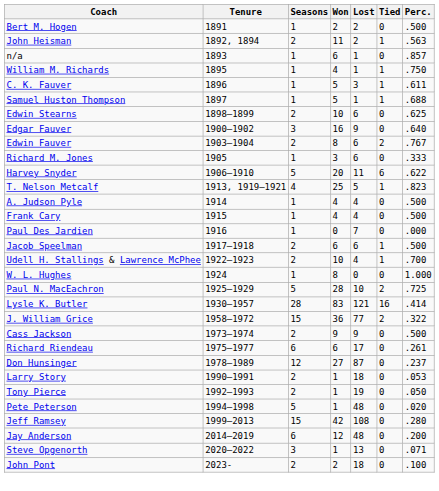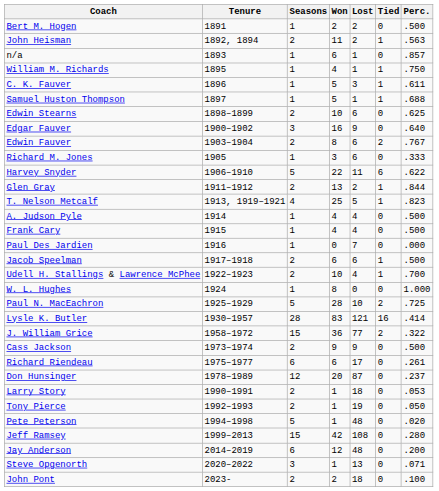 <table class="wikitable"; style= "text-align: ">
 <tr>
 <th width=px>Coach</th>
 <th width=px>Tenure</th>
 <th width=px>Seasons</th>
 <th width=px>Won</th>
 <th width=px>Lost</th>
 <th width=px>Tied</th>
 <th width=px>Perc.</th>
 </tr>
 <tr>
 <td><a href='#'>Bert M. Hogen</a></td>
 <td>1891</td>
 <td>1</td>
 <td>2</td>
 <td>2</td>
 <td>0</td>
 <td>.500</td>
 </tr>
 <tr>
 <td><a href='#'>John Heisman</a></td>
 <td>1892, 1894</td>
 <td>2</td>
 <td>11</td>
 <td>2</td>
 <td>1</td>
 <td>.563</td>
 </tr>
 <tr>
 <td>n/a</td>
 <td>1893</td>
 <td>1</td>
 <td>6</td>
 <td>1</td>
 <td>0</td>
 <td>.857</td>
 </tr>
 <tr>
 <td><a href='#'>William M. Richards</a></td>
 <td>1895</td>
 <td>1</td>
 <td>4</td>
 <td>1</td>
 <td>1</td>
 <td>.750</td>
 </tr>
 <tr>
 <td><a href='#'>C. K. Fauver</a></td>
 <td>1896</td>
 <td>1</td>
 <td>5</td>
 <td>3</td>
 <td>1</td>
 <td>.611</td>
 </tr>
 <tr>
 <td><a href='#'>Samuel Huston Thompson</a></td>
 <td>1897</td>
 <td>1</td>
 <td>5</td>
 <td>1</td>
 <td>1</td>
 <td>.688</td>
 </tr>
 <tr>
 <td><a href='#'>Edwin Stearns</a></td>
 <td>1898–1899</td>
 <td>2</td>
 <td>10</td>
 <td>6</td>
 <td>0</td>
 <td>.625</td>
 </tr>
 <tr>
 <td><a href='#'>Edgar Fauver</a></td>
 <td>1900–1902</td>
 <td>3</td>
 <td>16</td>
 <td>9</td>
 <td>0</td>
 <td>.640</td>
 </tr>
 <tr>
 <td><a href='#'>Edwin Fauver</a></td>
 <td>1903–1904</td>
 <td>2</td>
 <td>8</td>
 <td>6</td>
 <td>2</td>
 <td>.767</td>
 </tr>
 <tr>
 <td><a href='#'>Richard M. Jones</a></td>
 <td>1905</td>
 <td>1</td>
 <td>3</td>
 <td>6</td>
 <td>0</td>
 <td>.333</td>
 </tr>
 <tr>
 <td><a href='#'>Harvey Snyder</a></td>
 <td>1906–1910</td>
 <td>5</td>
-<td>20</td>
+<td>22</td>
 <td>11</td>
 <td>6</td>
 <td>.622</td>
+</tr>
+<tr>
+<td><a href='#'>Glen Gray</a></td>
+<td>1911–1912</td>
+<td>2</td>
+<td>13</td>
+<td>2</td>
+<td>1</td>
+<td>.844</td>
 </tr>
 <tr>
 <td><a href='#'>T. Nelson Metcalf</a></td>
 <td>1913, 1919–1921</td>
 <td>4</td>
 <td>25</td>
 <td>5</td>
 <td>1</td>
 <td>.823</td>
 </tr>
 <tr>
 <td><a href='#'>A. Judson Pyle</a></td>
 <td>1914</td>
 <td>1</td>
 <td>4</td>
 <td>4</td>
 <td>0</td>
 <td>.500</td>
 </tr>
 <tr>
 <td><a href='#'>Frank Cary</a></td>
 <td>1915</td>
 <td>1</td>
 <td>4</td>
 <td>4</td>
 <td>0</td>
 <td>.500</td>
 </tr>
 <tr>
 <td><a href='#'>Paul Des Jardien</a></td>
 <td>1916</td>
 <td>1</td>
 <td>0</td>
 <td>7</td>
 <td>0</td>
 <td>.000</td>
 </tr>
 <tr>
 <td><a href='#'>Jacob Speelman</a></td>
 <td>1917–1918</td>
 <td>2</td>
 <td>6</td>
 <td>6</td>
 <td>1</td>
 <td>.500</td>
 </tr>
 <tr>
 <td><a href='#'>Udell H. Stallings</a> & <a href='#'>Lawrence McPhee</a></td>
 <td>1922–1923</td>
 <td>2</td>
 <td>10</td>
 <td>4</td>
 <td>1</td>
 <td>.700</td>
 </tr>
 <tr>
 <td><a href='#'>W. L. Hughes</a></td>
 <td>1924</td>
 <td>1</td>
 <td>8</td>
 <td>0</td>
 <td>0</td>
 <td>1.000</td>
 </tr>
 <tr>
 <td><a href='#'>Paul N. MacEachron</a></td>
 <td>1925–1929</td>
 <td>5</td>
 <td>28</td>
 <td>10</td>
 <td>2</td>
 <td>.725</td>
 </tr>
 <tr>
 <td><a href='#'>Lysle K. Butler</a></td>
 <td>1930–1957</td>
 <td>28</td>
 <td>83</td>
 <td>121</td>
 <td>16</td>
 <td>.414</td>
 </tr>
 <tr>
 <td><a href='#'>J. William Grice</a></td>
 <td>1958–1972</td>
 <td>15</td>
 <td>36</td>
 <td>77</td>
 <td>2</td>
 <td>.322</td>
 </tr>
 <tr>
 <td><a href='#'>Cass Jackson</a></td>
 <td>1973–1974</td>
 <td>2</td>
 <td>9</td>
 <td>9</td>
 <td>0</td>
 <td>.500</td>
 </tr>
 <tr>
 <td><a href='#'>Richard Riendeau</a></td>
 <td>1975–1977</td>
 <td>6</td>
 <td>6</td>
 <td>17</td>
 <td>0</td>
 <td>.261</td>
 </tr>
 <tr>
 <td><a href='#'>Don Hunsinger</a></td>
 <td>1978–1989</td>
 <td>12</td>
-<td>27</td>
+<td>20</td>
 <td>87</td>
 <td>0</td>
 <td>.237</td>
 </tr>
 <tr>
 <td><a href='#'>Larry Story</a></td>
 <td>1990–1991</td>
 <td>2</td>
 <td>1</td>
 <td>18</td>
 <td>0</td>
 <td>.053</td>
 </tr>
 <tr>
 <td><a href='#'>Tony Pierce</a></td>
 <td>1992–1993</td>
 <td>2</td>
 <td>1</td>
 <td>19</td>
 <td>0</td>
 <td>.050</td>
 </tr>
 <tr>
 <td><a href='#'>Pete Peterson</a></td>
 <td>1994–1998</td>
 <td>5</td>
 <td>1</td>
 <td>48</td>
 <td>0</td>
 <td>.020</td>
 </tr>
 <tr>
 <td><a href='#'>Jeff Ramsey</a></td>
 <td>1999–2013</td>
 <td>15</td>
 <td>42</td>
 <td>108</td>
 <td>0</td>
 <td>.280</td>
 </tr>
 <tr>
 <td><a href='#'>Jay Anderson</a></td>
 <td>2014–2019</td>
 <td>6</td>
 <td>12</td>
 <td>48</td>
 <td>0</td>
 <td>.200</td>
 </tr>
 <tr>
 <td><a href='#'>Steve Opgenorth</a></td>
 <td>2020–2022</td>
 <td>3</td>
 <td>1</td>
 <td>13</td>
 <td>0</td>
 <td>.071</td>
 </tr>
 <tr>
 <td><a href='#'>John Pont</a></td>
 <td>2023-</td>
 <td>2</td>
 <td>2</td>
 <td>18</td>
 <td>0</td>
 <td>.100</td>
 </tr>
 </table>
